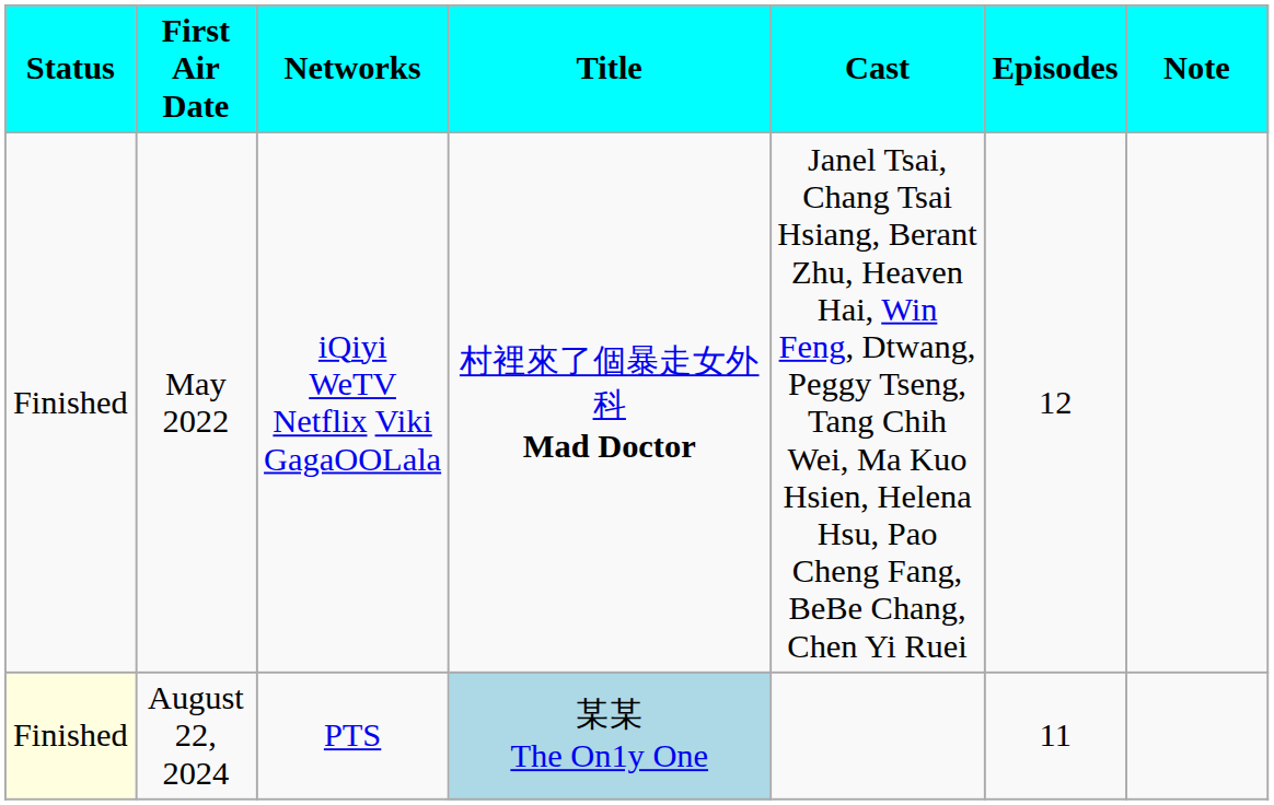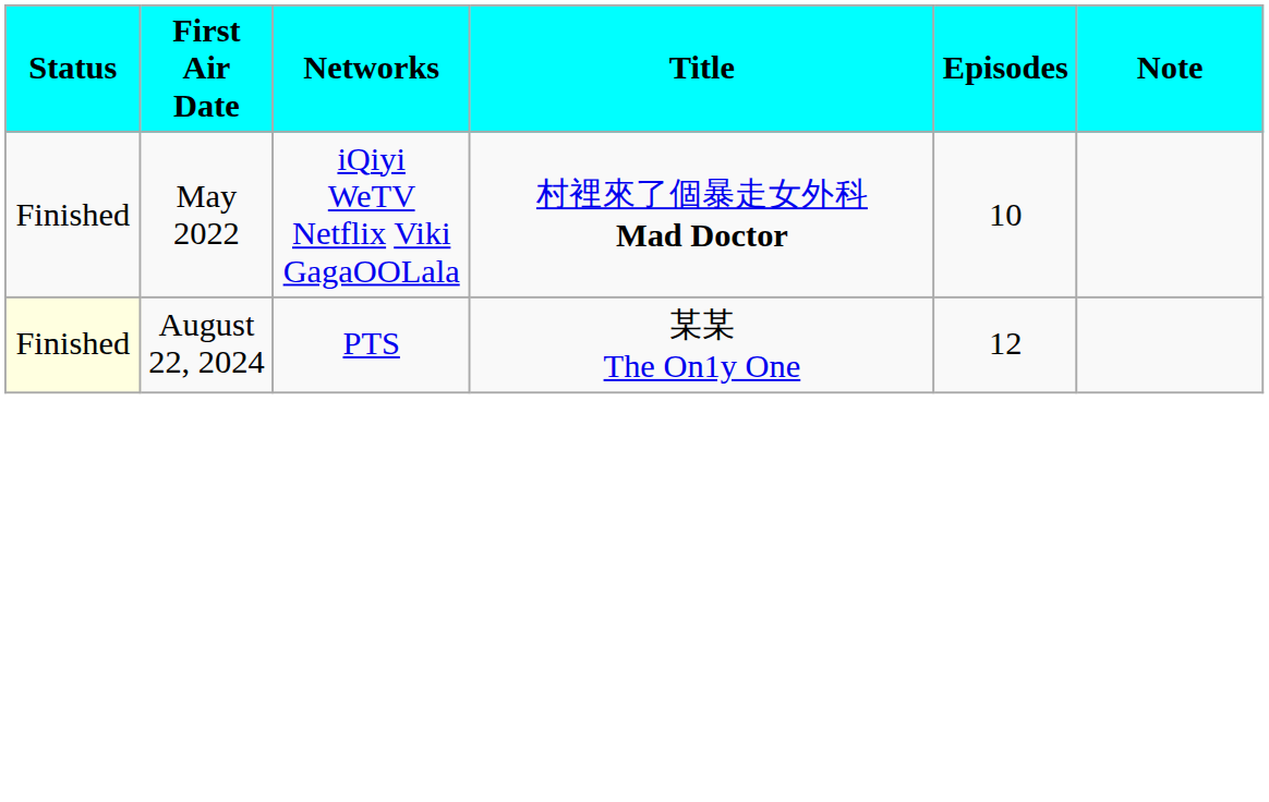 <table class="wikitable" style="text-align:center;">
 <tr>
 <th colspan="1" style="width:8%; background:aqua;">Status</th>
 <th colspan="1" style="width:10%; background:aqua;">First Air Date</th>
 <th colspan="1" style="width:8%; background:aqua;">Networks</th>
 <th colspan="1" style="width:35%; background:aqua;">Title</th>
-<th colspan="1" style="width:21%; background:aqua;">Cast</th>
 <th colspan="1" style="width:4%; background:aqua;">Episodes</th>
 <th colspan="1" style="width:14%; background:aqua;">Note</th>
 </tr>
 <tr>
 <td>Finished</td>
 <td>May 2022</td>
 <td><a href='#'>iQiyi</a><br><a href='#'>WeTV</a> <a href='#'>Netflix</a> <a href='#'>Viki</a> <a href='#'>GagaOOLala</a></td>
 <td><a href='#'>村裡來了個暴走女外科</a><br><strong>Mad Doctor</strong></td>
-<td>Janel Tsai, Chang Tsai Hsiang, Berant Zhu, Heaven Hai, <a href='#'>Win Feng</a>, Dtwang, Peggy Tseng, Tang Chih Wei, Ma Kuo Hsien, Helena Hsu, Pao Cheng Fang, BeBe Chang, Chen Yi Ruei</td>
-<td>12</td>
+<td>10</td>
 <td></td>
 </tr>
 <tr>
 <td style="background: lightyellow;">Finished</td>
 <td>August 22, 2024</td>
 <td><a href='#'>PTS</a></td>
-<td style="background: lightblue;">某某<br><a href='#'>The On1y One</a></td>
-<td></td>
-<td>11</td>
+<td>某某<br><a href='#'>The On1y One</a></td>
+<td>12</td>
 <td></td>
 </tr>
 </table>
